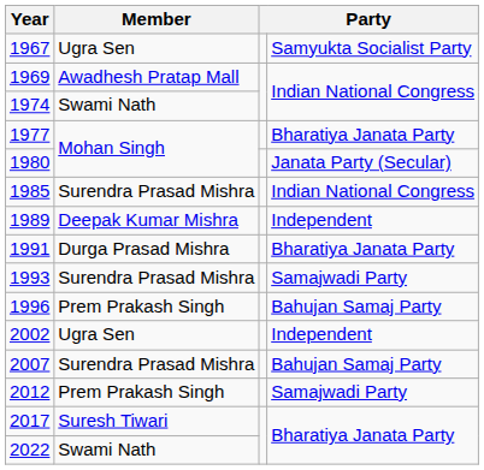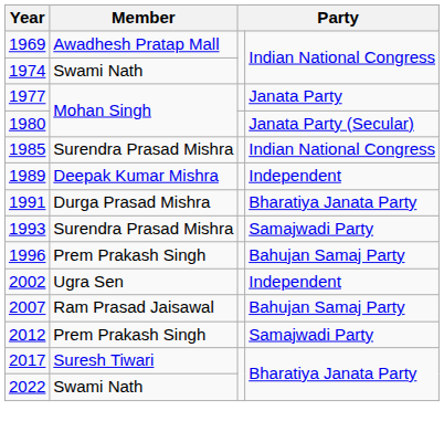 <table class="wikitable">
 <tr>
 <th>Year</th>
 <th>Member</th>
 <th colspan="2">Party</th>
-</tr>
-<tr>
-<td><a href='#'>1967</a></td>
-<td>Ugra Sen</td>
-<td style="background-color: "></td>
-<td><a href='#'>Samyukta Socialist Party</a></td>
 </tr>
 <tr>
 <td><a href='#'>1969</a></td>
 <td><a href='#'>Awadhesh Pratap Mall</a></td>
 <td rowspan="2" style="background-color: "></td>
 <td rowspan="2"><a href='#'>Indian National Congress</a></td>
 </tr>
 <tr>
 <td><a href='#'>1974</a></td>
 <td>Swami Nath</td>
 </tr>
 <tr>
 <td><a href='#'>1977</a></td>
 <td rowspan="2"><a href='#'>Mohan Singh</a></td>
 <td style="background-color: "></td>
-<td><a href='#'>Bharatiya Janata Party</a></td>
+<td><a href='#'>Janata Party</a></td>
 </tr>
 <tr>
 <td><a href='#'>1980</a></td>
 <td style="background-color: "></td>
 <td><a href='#'>Janata Party (Secular)</a></td>
 </tr>
 <tr>
 <td><a href='#'>1985</a></td>
 <td>Surendra Prasad Mishra</td>
 <td style="background-color: "></td>
 <td><a href='#'>Indian National Congress</a></td>
 </tr>
 <tr>
 <td><a href='#'>1989</a></td>
 <td><a href='#'>Deepak Kumar Mishra</a></td>
 <td style="background-color: "></td>
 <td><a href='#'>Independent</a></td>
 </tr>
 <tr>
 <td><a href='#'>1991</a></td>
 <td>Durga Prasad Mishra</td>
 <td style="background-color: "></td>
 <td><a href='#'>Bharatiya Janata Party</a></td>
 </tr>
 <tr>
 <td><a href='#'>1993</a></td>
 <td>Surendra Prasad Mishra</td>
 <td style="background-color: "></td>
 <td><a href='#'>Samajwadi Party</a></td>
 </tr>
 <tr>
 <td><a href='#'>1996</a></td>
 <td>Prem Prakash Singh</td>
 <td style="background-color: "></td>
 <td><a href='#'>Bahujan Samaj Party</a></td>
 </tr>
 <tr>
 <td><a href='#'>2002</a></td>
 <td>Ugra Sen</td>
 <td style="background-color: "></td>
 <td><a href='#'>Independent</a></td>
 </tr>
 <tr>
 <td><a href='#'>2007</a></td>
-<td>Surendra Prasad Mishra</td>
+<td>Ram Prasad Jaisawal</td>
 <td style="background-color: "></td>
 <td><a href='#'>Bahujan Samaj Party</a></td>
 </tr>
 <tr>
 <td><a href='#'>2012</a></td>
 <td>Prem Prakash Singh</td>
 <td style="background-color: "></td>
 <td><a href='#'>Samajwadi Party</a></td>
 </tr>
 <tr>
 <td><a href='#'>2017</a></td>
 <td><a href='#'>Suresh Tiwari</a></td>
 <td rowspan="2" style="background-color: "></td>
 <td rowspan="2"><a href='#'>Bharatiya Janata Party</a></td>
 </tr>
 <tr>
 <td><a href='#'>2022</a></td>
 <td>Swami Nath</td>
 </tr>
 </table>
